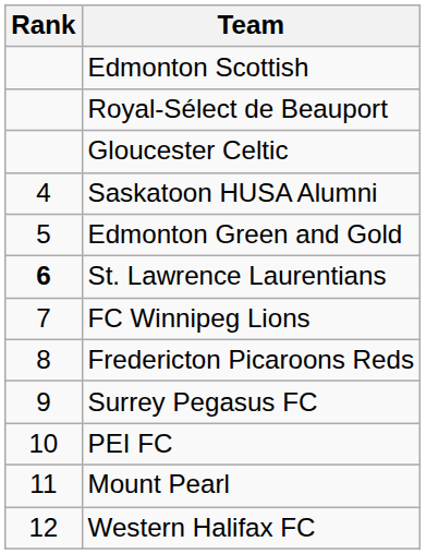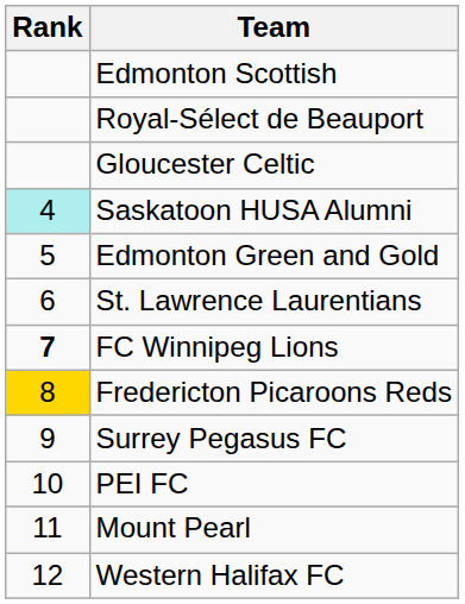 <table class="wikitable">
 <tr>
 <th>Rank</th>
 <th>Team</th>
 </tr>
 <tr>
 <td align=center></td>
 <td> Edmonton Scottish</td>
 </tr>
 <tr>
 <td align=center></td>
 <td> Royal-Sélect de Beauport</td>
 </tr>
 <tr>
 <td align=center></td>
 <td> Gloucester Celtic</td>
 </tr>
 <tr>
-<td align=center>4</td>
+<td align=center style="background: paleturquoise;">4</td>
 <td> Saskatoon HUSA Alumni</td>
 </tr>
 <tr>
 <td align=center>5</td>
 <td> Edmonton Green and Gold</td>
 </tr>
 <tr>
-<td align=center><strong>6</strong></td>
+<td align=center>6</td>
 <td> St. Lawrence Laurentians</td>
 </tr>
 <tr>
-<td align=center>7</td>
+<td align=center><strong>7</strong></td>
 <td> FC Winnipeg Lions</td>
 </tr>
 <tr>
-<td align=center>8</td>
+<td align=center style="background: gold;">8</td>
 <td> Fredericton Picaroons Reds</td>
 </tr>
 <tr>
 <td align=center>9</td>
 <td> Surrey Pegasus FC</td>
 </tr>
 <tr>
 <td align=center>10</td>
 <td> PEI FC</td>
 </tr>
 <tr>
 <td align=center>11</td>
 <td> Mount Pearl</td>
 </tr>
 <tr>
 <td align=center>12</td>
 <td> Western Halifax FC</td>
 </tr>
 </table>
